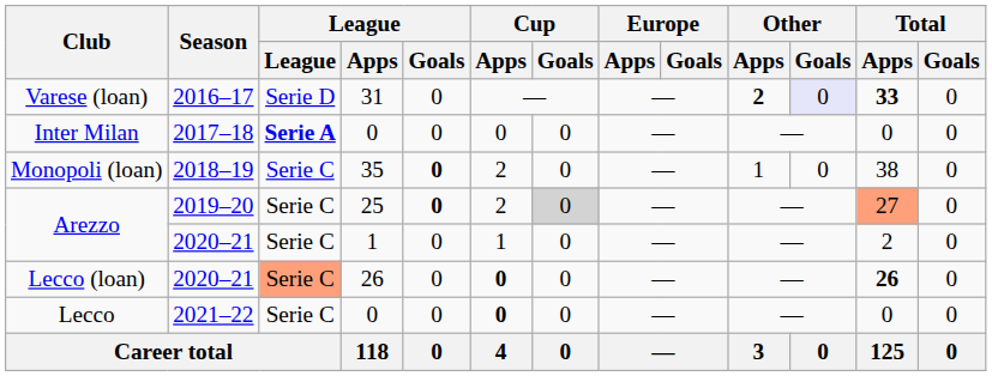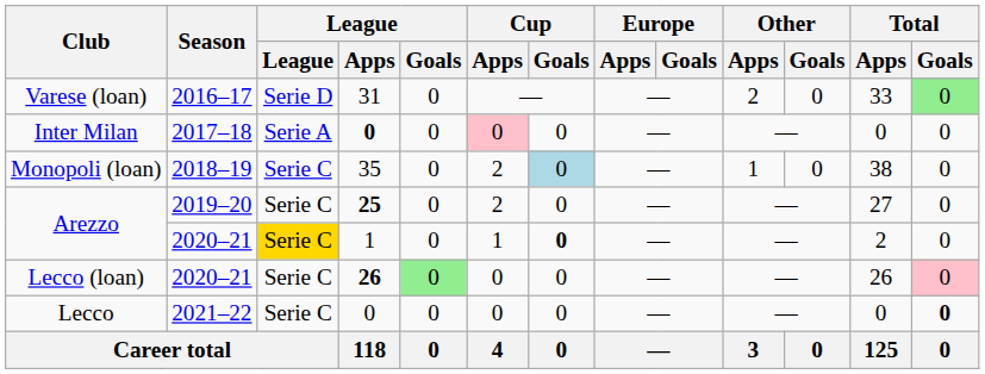 <table class="wikitable" style="text-align: center;">
 <tr>
 <th rowspan="2">Club</th>
 <th rowspan="2">Season</th>
 <th colspan="3">League</th>
 <th colspan="2">Cup</th>
 <th colspan="2">Europe</th>
 <th colspan="2">Other</th>
 <th colspan="2">Total</th>
 </tr>
 <tr>
 <th>League</th>
 <th>Apps</th>
 <th>Goals</th>
 <th>Apps</th>
 <th>Goals</th>
 <th>Apps</th>
 <th>Goals</th>
 <th>Apps</th>
 <th>Goals</th>
 <th>Apps</th>
 <th>Goals</th>
 </tr>
 <tr>
 <td><a href='#'>Varese</a> (loan)</td>
 <td><a href='#'>2016–17</a></td>
 <td><a href='#'>Serie D</a></td>
 <td>31</td>
 <td>0</td>
 <td colspan="2">—</td>
 <td colspan="2">—</td>
-<td><strong>2</strong></td>
-<td style="background: lavender;">0</td>
-<td><strong>33</strong></td>
+<td>2</td>
 <td>0</td>
+<td>33</td>
+<td style="background: lightgreen;">0</td>
 </tr>
 <tr>
 <td><a href='#'>Inter Milan</a></td>
 <td><a href='#'>2017–18</a></td>
-<td><strong><a href='#'>Serie A</a></strong></td>
+<td><a href='#'>Serie A</a></td>
+<td><strong>0</strong></td>
 <td>0</td>
-<td>0</td>
-<td>0</td>
+<td style="background: pink;">0</td>
 <td>0</td>
 <td colspan="2">—</td>
 <td colspan="2">—</td>
 <td>0</td>
 <td>0</td>
 </tr>
 <tr>
 <td><a href='#'>Monopoli</a> (loan)</td>
 <td><a href='#'>2018–19</a></td>
 <td><a href='#'>Serie C</a></td>
 <td>35</td>
-<td><strong>0</strong></td>
+<td>0</td>
 <td>2</td>
-<td>0</td>
+<td style="background: lightblue;">0</td>
 <td colspan="2">—</td>
 <td>1</td>
 <td>0</td>
 <td>38</td>
 <td>0</td>
 </tr>
 <tr>
 <td rowspan="2"><a href='#'>Arezzo</a></td>
 <td><a href='#'>2019–20</a></td>
 <td>Serie C</td>
-<td>25</td>
-<td><strong>0</strong></td>
+<td><strong>25</strong></td>
+<td>0</td>
 <td>2</td>
-<td style="background: lightgrey;">0</td>
+<td>0</td>
 <td colspan="2">—</td>
 <td colspan="2">—</td>
-<td style="background: lightsalmon;">27</td>
+<td>27</td>
 <td>0</td>
 </tr>
 <tr>
 <td><a href='#'>2020–21</a></td>
-<td>Serie C</td>
+<td style="background: gold;">Serie C</td>
 <td>1</td>
 <td>0</td>
 <td>1</td>
-<td>0</td>
+<td><strong>0</strong></td>
 <td colspan="2">—</td>
 <td colspan="2">—</td>
 <td>2</td>
 <td>0</td>
 </tr>
 <tr>
 <td><a href='#'>Lecco</a> (loan)</td>
 <td><a href='#'>2020–21</a></td>
-<td style="background: lightsalmon;">Serie C</td>
-<td>26</td>
+<td>Serie C</td>
+<td><strong>26</strong></td>
+<td style="background: lightgreen;">0</td>
 <td>0</td>
-<td><strong>0</strong></td>
 <td>0</td>
 <td colspan="2">—</td>
 <td colspan="2">—</td>
-<td><strong>26</strong></td>
-<td>0</td>
+<td>26</td>
+<td style="background: pink;">0</td>
 </tr>
 <tr>
 <td>Lecco</td>
 <td><a href='#'>2021–22</a></td>
 <td>Serie C</td>
 <td>0</td>
 <td>0</td>
-<td><strong>0</strong></td>
+<td>0</td>
 <td>0</td>
 <td colspan="2">—</td>
 <td colspan="2">—</td>
 <td>0</td>
-<td>0</td>
+<td><strong>0</strong></td>
 </tr>
 <tr>
 <th colspan="3">Career total</th>
 <th>118</th>
 <th>0</th>
 <th>4</th>
 <th>0</th>
 <th colspan="2">—</th>
 <th>3</th>
 <th>0</th>
 <th>125</th>
 <th>0</th>
 </tr>
 </table>
